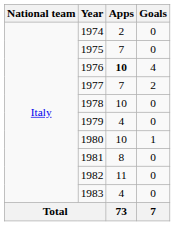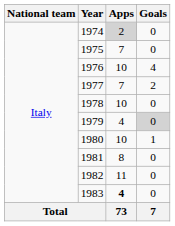 <table class="wikitable" style="text-align:center">
 <tr>
 <th>National team</th>
 <th>Year</th>
 <th>Apps</th>
 <th>Goals</th>
 </tr>
 <tr>
 <td rowspan="10"><a href='#'>Italy</a></td>
 <td>1974</td>
-<td>2</td>
+<td style="background: lightgrey;">2</td>
 <td>0</td>
 </tr>
 <tr>
 <td>1975</td>
 <td>7</td>
 <td>0</td>
 </tr>
 <tr>
 <td>1976</td>
-<td><strong>10</strong></td>
+<td>10</td>
 <td>4</td>
 </tr>
 <tr>
 <td>1977</td>
 <td>7</td>
 <td>2</td>
 </tr>
 <tr>
 <td>1978</td>
 <td>10</td>
 <td>0</td>
 </tr>
 <tr>
 <td>1979</td>
 <td>4</td>
-<td>0</td>
+<td style="background: lightgrey;">0</td>
 </tr>
 <tr>
 <td>1980</td>
 <td>10</td>
 <td>1</td>
 </tr>
 <tr>
 <td>1981</td>
 <td>8</td>
 <td>0</td>
 </tr>
 <tr>
 <td>1982</td>
 <td>11</td>
 <td>0</td>
 </tr>
 <tr>
 <td>1983</td>
-<td>4</td>
+<td><strong>4</strong></td>
 <td>0</td>
 </tr>
 <tr>
 <th colspan="2">Total</th>
 <th>73</th>
 <th>7</th>
 </tr>
 </table>
